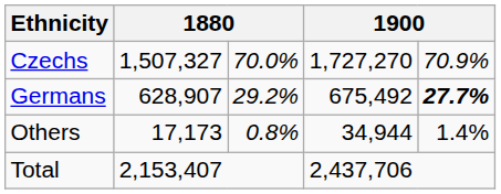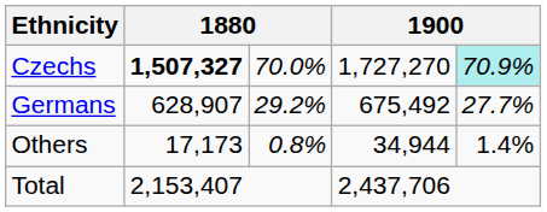 <table class="wikitable">
 <tr>
 <th>Ethnicity</th>
 <th colspan="2">1880</th>
 <th colspan="2">1900</th>
 </tr>
 <tr>
 <td><a href='#'>Czechs</a></td>
-<td style="text-align: right;">1,507,327</td>
+<td style="text-align: right;"><strong>1,507,327</strong></td>
 <td style="text-align: right;"><em>70.0%</em></td>
 <td style="text-align: right;">1,727,270</td>
-<td style="text-align: right;"><em>70.9%</em></td>
+<td style="background: paleturquoise; text-align: right;"><em>70.9%</em></td>
 </tr>
 <tr>
 <td><a href='#'>Germans</a></td>
 <td style="text-align: right;">628,907</td>
 <td style="text-align: right;"><em>29.2%</em></td>
 <td style="text-align: right;">675,492</td>
-<td style="text-align: right;"><strong><em>27.7%</em></strong></td>
+<td style="text-align: right;"><em>27.7%</em></td>
 </tr>
 <tr>
 <td>Others</td>
 <td style="text-align: right;">17,173</td>
 <td style="text-align: right;"><em>0.8%</em></td>
 <td style="text-align: right;">34,944</td>
 <td style="text-align: right;">1.4%</td>
 </tr>
 <tr>
 <td>Total</td>
 <td colspan="2">2,153,407</td>
 <td colspan="2">2,437,706</td>
 </tr>
 </table>
